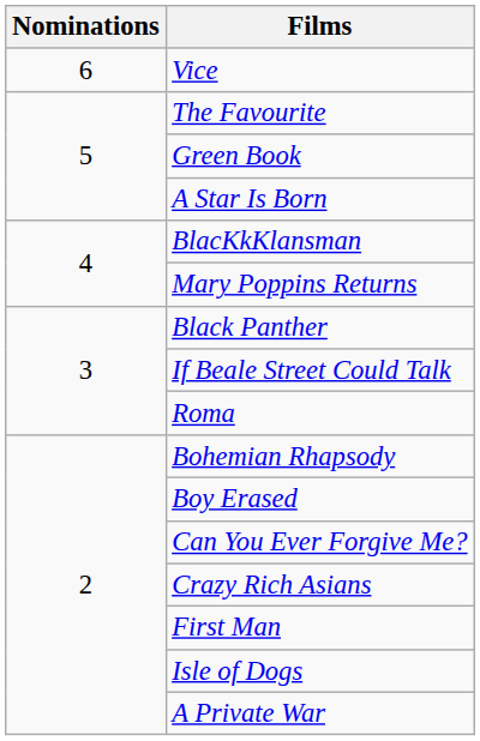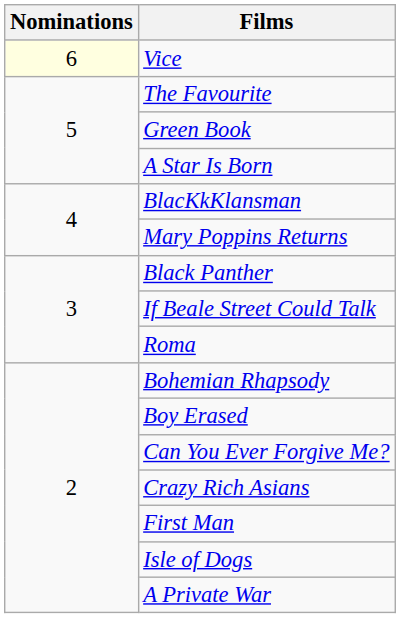 <table class="wikitable">
 <tr>
 <th scope="col" style="width:55px;">Nominations</th>
 <th scope="col" style="text-align:center;">Films</th>
 </tr>
 <tr>
-<td style="text-align:center">6</td>
+<td style="background: lightyellow; text-align:center">6</td>
 <td><em><a href='#'>Vice</a></em></td>
 </tr>
 <tr>
 <td rowspan="3" style="text-align:center">5</td>
 <td><em><a href='#'>The Favourite</a></em></td>
 </tr>
 <tr>
 <td><em><a href='#'>Green Book</a></em></td>
 </tr>
 <tr>
 <td><em><a href='#'>A Star Is Born</a></em></td>
 </tr>
 <tr>
 <td rowspan="2" style="text-align:center">4</td>
 <td><em><a href='#'>BlacKkKlansman</a></em></td>
 </tr>
 <tr>
 <td><em><a href='#'>Mary Poppins Returns</a></em></td>
 </tr>
 <tr>
 <td rowspan="3" style="text-align:center">3</td>
 <td><em><a href='#'>Black Panther</a></em></td>
 </tr>
 <tr>
 <td><em><a href='#'>If Beale Street Could Talk</a></em></td>
 </tr>
 <tr>
 <td><em><a href='#'>Roma</a></em></td>
 </tr>
 <tr>
 <td rowspan="7" style="text-align:center">2</td>
 <td><em><a href='#'>Bohemian Rhapsody</a></em></td>
 </tr>
 <tr>
 <td><em><a href='#'>Boy Erased</a></em></td>
 </tr>
 <tr>
 <td><em><a href='#'>Can You Ever Forgive Me?</a></em></td>
 </tr>
 <tr>
 <td><em><a href='#'>Crazy Rich Asians</a></em></td>
 </tr>
 <tr>
 <td><em><a href='#'>First Man</a></em></td>
 </tr>
 <tr>
 <td><em><a href='#'>Isle of Dogs</a></em></td>
 </tr>
 <tr>
 <td><em><a href='#'>A Private War</a></em></td>
 </tr>
 </table>
